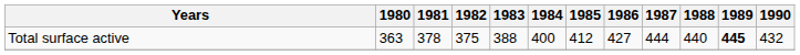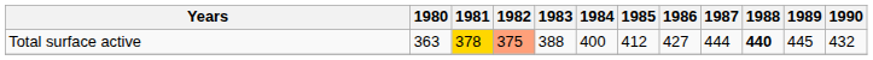 <table class="wikitable">
 <tr>
 <th style="width:47%;">Years</th>
 <th>1980</th>
 <th>1981</th>
 <th>1982</th>
 <th>1983</th>
 <th>1984</th>
 <th>1985</th>
 <th>1986</th>
 <th>1987</th>
 <th>1988</th>
 <th>1989</th>
 <th>1990</th>
 </tr>
 <tr valign="top">
 <td>Total surface active</td>
 <td>363</td>
-<td>378</td>
-<td>375</td>
+<td style="background: gold;">378</td>
+<td style="background: lightsalmon;">375</td>
 <td>388</td>
 <td>400</td>
 <td>412</td>
 <td>427</td>
 <td>444</td>
-<td>440</td>
-<td><strong>445</strong></td>
+<td><strong>440</strong></td>
+<td>445</td>
 <td>432</td>
 </tr>
 <tr>
 </tr>
 </table>
